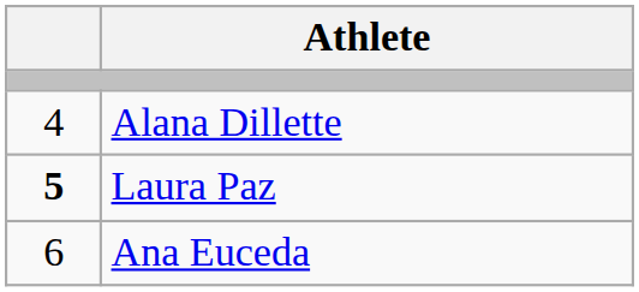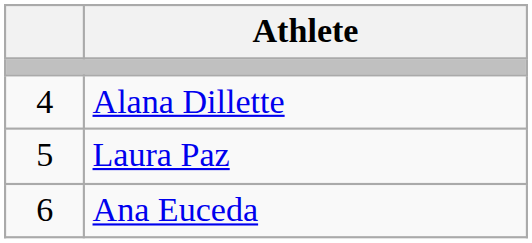 <table class="wikitable">
 <tr>
 <th width="30"></th>
 <th width="200">Athlete</th>
 </tr>
 <tr bgcolor="C0C0C0">
 <td colspan=2></td>
 </tr>
 <tr>
 <td align="center">4</td>
 <td> <a href='#'>Alana Dillette</a></td>
 </tr>
 <tr>
-<td align="center"><strong>5</strong></td>
+<td align="center">5</td>
 <td> <a href='#'>Laura Paz</a></td>
 </tr>
 <tr>
 <td align="center">6</td>
 <td> <a href='#'>Ana Euceda</a></td>
 </tr>
 </table>
